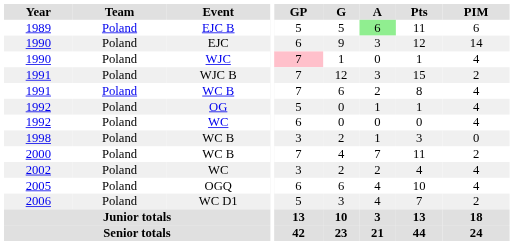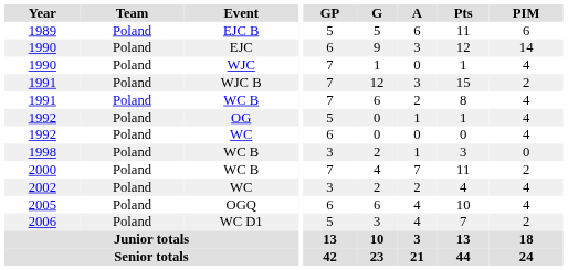 <table border="0" cellpadding="1" cellspacing="0" ID="Table3" style="text-align:center; width:40em">
 <tr bgcolor="#e0e0e0">
 <th>Year</th>
 <th>Team</th>
 <th>Event</th>
 <th rowspan="102" bgcolor="#ffffff"></th>
 <th>GP</th>
 <th>G</th>
 <th>A</th>
 <th>Pts</th>
 <th>PIM</th>
 </tr>
 <tr>
 <td><a href='#'>1989</a></td>
 <td><a href='#'>Poland</a></td>
 <td><a href='#'>EJC B</a></td>
 <td>5</td>
 <td>5</td>
-<td style="background: lightgreen;">6</td>
+<td>6</td>
 <td>11</td>
 <td>6</td>
 </tr>
 <tr bgcolor="#f0f0f0">
 <td><a href='#'>1990</a></td>
 <td>Poland</td>
 <td>EJC</td>
 <td>6</td>
 <td>9</td>
 <td>3</td>
 <td>12</td>
 <td>14</td>
 </tr>
 <tr>
 <td><a href='#'>1990</a></td>
 <td>Poland</td>
 <td><a href='#'>WJC</a></td>
-<td style="background: pink;">7</td>
+<td>7</td>
 <td>1</td>
 <td>0</td>
 <td>1</td>
 <td>4</td>
 </tr>
 <tr bgcolor="#f0f0f0">
 <td><a href='#'>1991</a></td>
 <td>Poland</td>
 <td>WJC B</td>
 <td>7</td>
 <td>12</td>
 <td>3</td>
 <td>15</td>
 <td>2</td>
 </tr>
 <tr>
 <td><a href='#'>1991</a></td>
 <td><a href='#'>Poland</a></td>
 <td><a href='#'>WC B</a></td>
 <td>7</td>
 <td>6</td>
 <td>2</td>
 <td>8</td>
 <td>4</td>
 </tr>
 <tr bgcolor="#f0f0f0">
 <td><a href='#'>1992</a></td>
 <td>Poland</td>
 <td><a href='#'>OG</a></td>
 <td>5</td>
 <td>0</td>
 <td>1</td>
 <td>1</td>
 <td>4</td>
 </tr>
 <tr>
 <td><a href='#'>1992</a></td>
 <td>Poland</td>
 <td><a href='#'>WC</a></td>
 <td>6</td>
 <td>0</td>
 <td>0</td>
 <td>0</td>
 <td>4</td>
 </tr>
 <tr bgcolor="#f0f0f0">
 <td><a href='#'>1998</a></td>
 <td>Poland</td>
 <td>WC B</td>
 <td>3</td>
 <td>2</td>
 <td>1</td>
 <td>3</td>
 <td>0</td>
 </tr>
 <tr>
 <td><a href='#'>2000</a></td>
 <td>Poland</td>
 <td>WC B</td>
 <td>7</td>
 <td>4</td>
 <td>7</td>
 <td>11</td>
 <td>2</td>
 </tr>
 <tr bgcolor="#f0f0f0">
 <td><a href='#'>2002</a></td>
 <td>Poland</td>
 <td>WC</td>
 <td>3</td>
 <td>2</td>
 <td>2</td>
 <td>4</td>
 <td>4</td>
 </tr>
 <tr>
 <td><a href='#'>2005</a></td>
 <td>Poland</td>
 <td>OGQ</td>
 <td>6</td>
 <td>6</td>
 <td>4</td>
 <td>10</td>
 <td>4</td>
 </tr>
 <tr bgcolor="#f0f0f0">
 <td><a href='#'>2006</a></td>
 <td>Poland</td>
 <td>WC D1</td>
 <td>5</td>
 <td>3</td>
 <td>4</td>
 <td>7</td>
 <td>2</td>
 </tr>
 <tr bgcolor="#e0e0e0">
 <th colspan=3>Junior totals</th>
 <th>13</th>
 <th>10</th>
 <th>3</th>
 <th>13</th>
 <th>18</th>
 </tr>
 <tr bgcolor="#e0e0e0">
 <th colspan=3>Senior totals</th>
 <th>42</th>
 <th>23</th>
 <th>21</th>
 <th>44</th>
 <th>24</th>
 </tr>
 </table>
